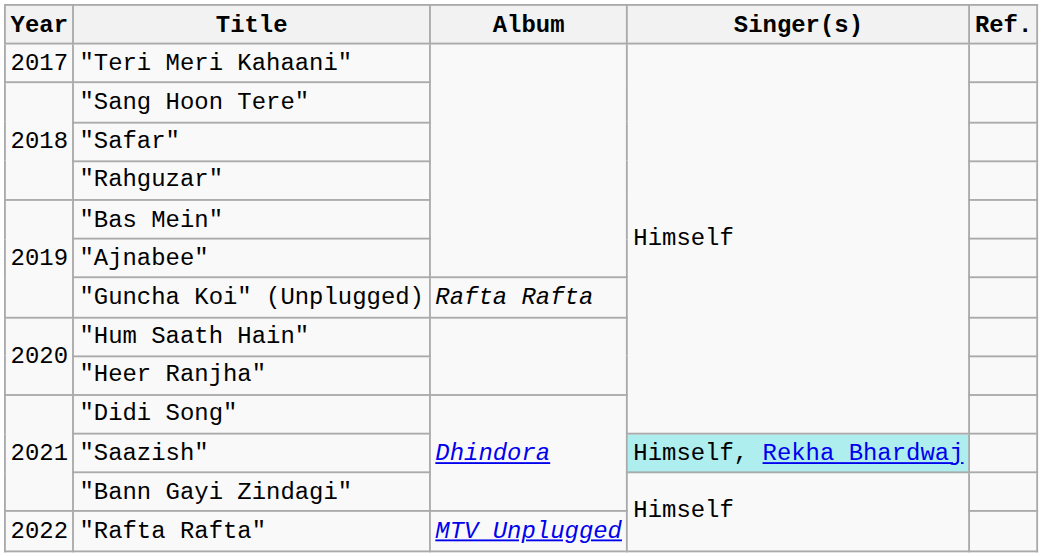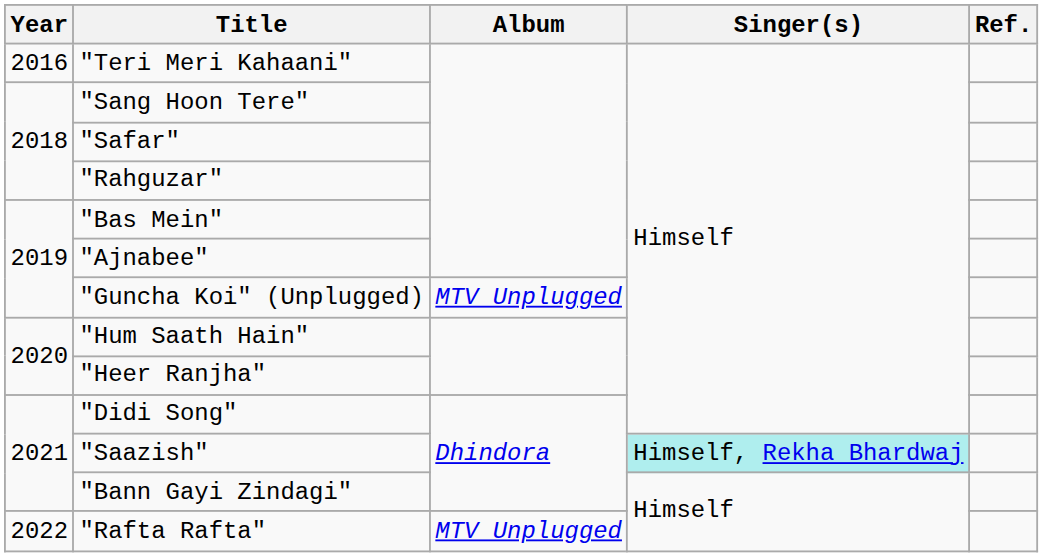 <table class="wikitable">
 <tr>
 <th>Year</th>
 <th>Title</th>
 <th>Album</th>
 <th>Singer(s)</th>
 <th>Ref.</th>
 </tr>
 <tr>
-<td>2017</td>
+<td>2016</td>
 <td>"Teri Meri Kahaani"</td>
 <td rowspan="6"><em></em></td>
 <td rowspan="10">Himself</td>
 <td></td>
 </tr>
 <tr>
 <td rowspan="3">2018</td>
 <td>"Sang Hoon Tere"</td>
 <td></td>
 </tr>
 <tr>
 <td>"Safar"</td>
 <td></td>
 </tr>
 <tr>
 <td>"Rahguzar"</td>
 <td></td>
 </tr>
 <tr>
 <td rowspan="3">2019</td>
 <td>"Bas Mein"</td>
 <td></td>
 </tr>
 <tr>
 <td>"Ajnabee"</td>
 <td></td>
 </tr>
 <tr>
 <td>"Guncha Koi" (Unplugged)</td>
-<td><em>Rafta Rafta</em></td>
+<td><a href='#'><em>MTV Unplugged</em></a></td>
 <td></td>
 </tr>
 <tr>
 <td rowspan="2'">2020</td>
 <td>"Hum Saath Hain"</td>
 <td rowspan="2"><em></em></td>
 <td></td>
 </tr>
 <tr>
 <td>"Heer Ranjha"</td>
 <td></td>
 </tr>
 <tr>
 <td rowspan="3">2021</td>
 <td>"Didi Song"</td>
 <td rowspan="3"><em><a href='#'>Dhindora</a></em></td>
 <td></td>
 </tr>
 <tr>
 <td>"Saazish"</td>
 <td style="background: paleturquoise;">Himself, <a href='#'>Rekha Bhardwaj</a></td>
 <td></td>
 </tr>
 <tr>
 <td>"Bann Gayi Zindagi"</td>
 <td rowspan="2">Himself</td>
 <td></td>
 </tr>
 <tr>
 <td>2022</td>
 <td>"Rafta Rafta"</td>
 <td><a href='#'><em>MTV Unplugged</em></a></td>
 <td></td>
 </tr>
 </table>
